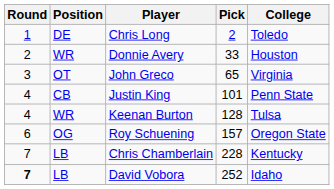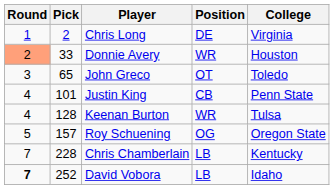 <table class="wikitable" style="font-size: 95%">
 <tr>
 <th>Round</th>
+<th>Pick</th>
+<th>Player</th>
 <th>Position</th>
-<th>Player</th>
-<th>Pick</th>
 <th>College</th>
 </tr>
 <tr>
 <td align=center><a href='#'>1</a></td>
+<td align=center><a href='#'>2</a></td>
+<td><a href='#'>Chris Long</a></td>
 <td><a href='#'>DE</a></td>
-<td><a href='#'>Chris Long</a></td>
-<td align=center><a href='#'>2</a></td>
-<td><a href='#'>Toledo</a></td>
+<td><a href='#'>Virginia</a></td>
 </tr>
 <tr>
-<td align=center>2</td>
+<td align=center style="background: lightsalmon;">2</td>
+<td align=center>33</td>
+<td><a href='#'>Donnie Avery</a></td>
 <td><a href='#'>WR</a></td>
-<td><a href='#'>Donnie Avery</a></td>
-<td align=center>33</td>
 <td><a href='#'>Houston</a></td>
 </tr>
 <tr>
 <td align=center>3</td>
+<td align=center>65</td>
+<td><a href='#'>John Greco</a></td>
 <td><a href='#'>OT</a></td>
-<td><a href='#'>John Greco</a></td>
-<td align=center>65</td>
-<td><a href='#'>Virginia</a></td>
+<td><a href='#'>Toledo</a></td>
 </tr>
 <tr>
 <td align=center>4</td>
+<td align=center>101</td>
+<td><a href='#'>Justin King</a></td>
 <td><a href='#'>CB</a></td>
-<td><a href='#'>Justin King</a></td>
-<td align=center>101</td>
 <td><a href='#'>Penn State</a></td>
 </tr>
 <tr>
 <td align=center>4</td>
+<td align=center>128</td>
+<td><a href='#'>Keenan Burton</a></td>
 <td><a href='#'>WR</a></td>
-<td><a href='#'>Keenan Burton</a></td>
-<td align=center>128</td>
 <td><a href='#'>Tulsa</a></td>
 </tr>
 <tr>
-<td align=center>6</td>
+<td align=center>5</td>
+<td align=center>157</td>
+<td><a href='#'>Roy Schuening</a></td>
 <td><a href='#'>OG</a></td>
-<td><a href='#'>Roy Schuening</a></td>
-<td align=center>157</td>
 <td><a href='#'>Oregon State</a></td>
 </tr>
 <tr>
 <td align=center>7</td>
+<td align=center>228</td>
+<td><a href='#'>Chris Chamberlain</a></td>
 <td><a href='#'>LB</a></td>
-<td><a href='#'>Chris Chamberlain</a></td>
-<td align=center>228</td>
 <td><a href='#'>Kentucky</a></td>
 </tr>
 <tr>
 <td align=center><strong>7</strong></td>
+<td align=center>252</td>
+<td><a href='#'>David Vobora</a></td>
 <td><a href='#'>LB</a></td>
-<td><a href='#'>David Vobora</a></td>
-<td align=center>252</td>
 <td><a href='#'>Idaho</a></td>
 </tr>
 </table>
